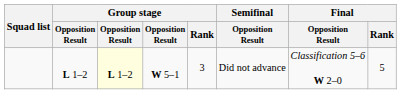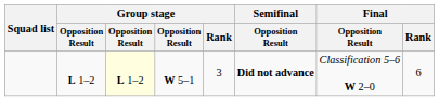 <table class=wikitable style="font-size:90%">
 <tr>
 <th rowspan="2">Squad list</th>
 <th colspan="4">Group stage</th>
 <th>Semifinal</th>
 <th colspan="2">Final</th>
 </tr>
 <tr>
 <th style="line-height:1em"><small>Opposition<br>Result</small></th>
 <th style="line-height:1em"><small>Opposition<br>Result</small></th>
 <th style="line-height:1em"><small>Opposition<br>Result</small></th>
 <th>Rank</th>
 <th style="line-height:1em"><small>Opposition<br>Result</small></th>
 <th style="line-height:1em"><small>Opposition<br>Result</small></th>
 <th>Rank</th>
 </tr>
 <tr align=center>
 <td align=left></td>
 <td><br><strong>L</strong> 1–2</td>
 <td style="background: lightyellow;"><br><strong>L</strong> 1–2</td>
 <td><br><strong>W</strong> 5–1</td>
 <td>3</td>
-<td>Did not advance</td>
+<td><strong>Did not advance</strong></td>
 <td><em>Classification 5–6</em><br><br><strong>W</strong> 2–0</td>
-<td>5</td>
+<td>6</td>
 </tr>
 </table>
